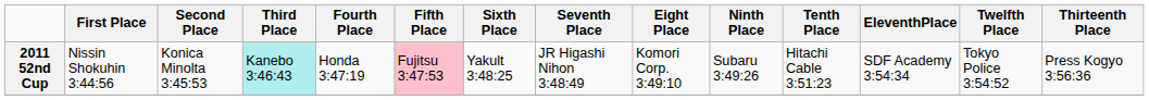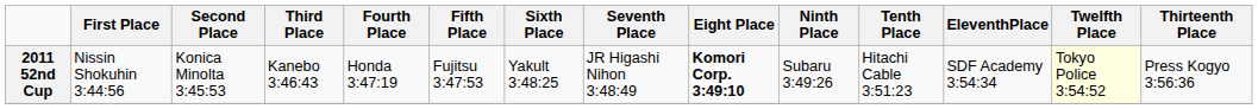 <table class="wikitable" style="text-align:left; width:105%; align:top;">
 <tr>
 <td></td>
 <th scope="col">First Place</th>
 <th scope="col">Second Place</th>
 <th scope="col">Third Place</th>
 <th scope="col">Fourth Place</th>
 <th scope="col">Fifth Place</th>
 <th scope="col">Sixth Place</th>
 <th scope="col">Seventh Place</th>
 <th scope="col">Eight Place</th>
 <th scope="col">Ninth Place</th>
 <th scope="col">Tenth Place</th>
 <th scope="col">EleventhPlace</th>
 <th scope="col">Twelfth Place</th>
 <th scope="col">Thirteenth Place</th>
 </tr>
 <tr>
 <th scope="row">2011<br> 52nd Cup</th>
 <td>Nissin Shokuhin<br>3:44:56</td>
 <td>Konica Minolta<br>3:45:53</td>
-<td style="background: paleturquoise;">Kanebo<br>3:46:43</td>
+<td>Kanebo<br>3:46:43</td>
 <td>Honda<br>3:47:19</td>
-<td style="background: pink;">Fujitsu<br>3:47:53</td>
+<td>Fujitsu<br>3:47:53</td>
 <td>Yakult<br>3:48:25</td>
 <td>JR Higashi Nihon<br>3:48:49</td>
-<td>Komori Corp.<br>3:49:10</td>
+<td><strong>Komori Corp.<br>3:49:10</strong></td>
 <td>Subaru<br>3:49:26</td>
 <td>Hitachi Cable<br>3:51:23</td>
 <td>SDF Academy<br>3:54:34</td>
-<td>Tokyo Police<br>3:54:52</td>
+<td style="background: lightyellow;">Tokyo Police<br>3:54:52</td>
 <td>Press Kogyo<br>3:56:36</td>
 </tr>
 <tr>
 </tr>
 </table>
